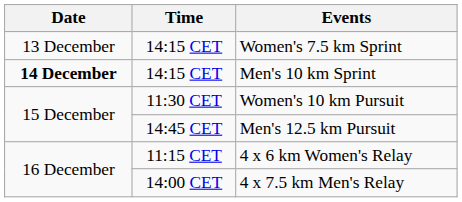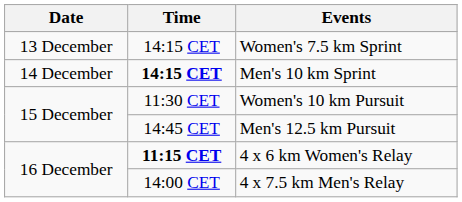 <table class="wikitable" style="text-align: center" width="420">
 <tr>
 <th>Date</th>
 <th>Time</th>
 <th>Events</th>
 </tr>
 <tr>
 <td>13 December</td>
 <td>14:15 <a href='#'>CET</a></td>
 <td style="text-align: left">Women's 7.5 km Sprint</td>
 </tr>
 <tr>
-<td><strong>14 December</strong></td>
-<td>14:15 <a href='#'>CET</a></td>
+<td>14 December</td>
+<td><strong>14:15 <a href='#'>CET</a></strong></td>
 <td style="text-align: left">Men's 10 km Sprint</td>
 </tr>
 <tr>
 <td rowspan=2>15 December</td>
 <td>11:30 <a href='#'>CET</a></td>
 <td style="text-align: left">Women's 10 km Pursuit</td>
 </tr>
 <tr>
 <td>14:45 <a href='#'>CET</a></td>
 <td style="text-align: left">Men's 12.5 km Pursuit</td>
 </tr>
 <tr>
 <td rowspan=2>16 December</td>
-<td>11:15 <a href='#'>CET</a></td>
+<td><strong>11:15 <a href='#'>CET</a></strong></td>
 <td style="text-align: left">4 x 6 km Women's Relay</td>
 </tr>
 <tr>
 <td>14:00 <a href='#'>CET</a></td>
 <td style="text-align: left">4 x 7.5 km Men's Relay</td>
 </tr>
 </table>
